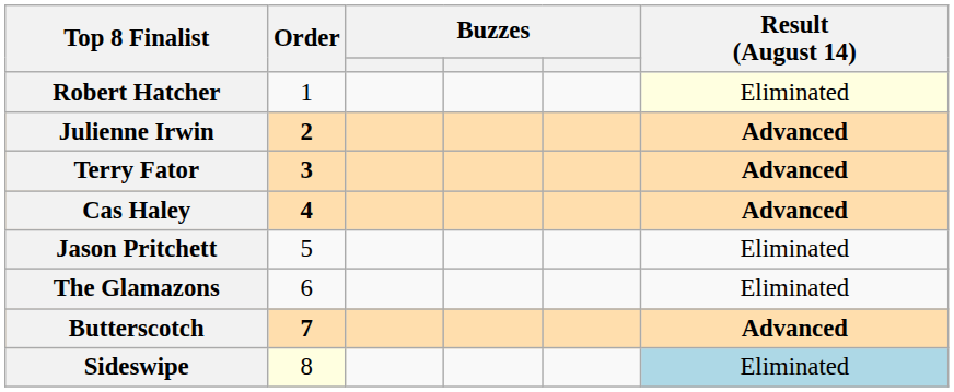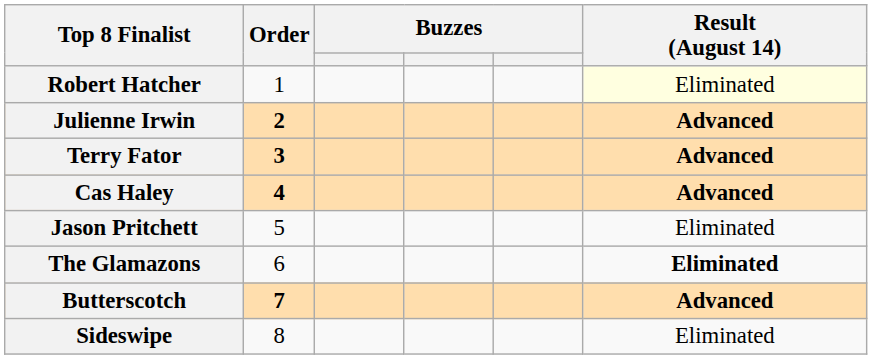 <table class="wikitable plainrowheaders sortable" style="text-align:center;">
 <tr>
 <th scope="col" rowspan="2" class="unsortable" style="width:17em;">Top 8 Finalist</th>
 <th scope="col" rowspan="2" style="width:1em;">Order</th>
 <th scope="col" colspan="3" class="unsortable" style="width:24em;">Buzzes</th>
 <th scope="col" rowspan="2" style="width:23em;">Result <br> (August 14)</th>
 </tr>
 <tr>
 <th scope="col" class="unsortable" style="width:6em;"></th>
 <th scope="col" class="unsortable" style="width:6em;"></th>
 <th scope="col" class="unsortable" style="width:6em;"></th>
 </tr>
 <tr>
 <th scope="row">Robert Hatcher</th>
 <td>1</td>
 <td style="text-align:center;"></td>
 <td style="text-align:center;"></td>
 <td style="text-align:center;"></td>
 <td style="background: lightyellow;">Eliminated</td>
 </tr>
 <tr bgcolor=NavajoWhite>
 <th scope="row"><strong>Julienne Irwin</strong></th>
 <td><strong>2</strong></td>
 <td style="text-align:center;"></td>
 <td style="text-align:center;"></td>
 <td style="text-align:center;"></td>
 <td><strong>Advanced</strong></td>
 </tr>
 <tr bgcolor=NavajoWhite>
 <th scope="row"><strong>Terry Fator</strong></th>
 <td><strong>3</strong></td>
 <td style="text-align:center;"></td>
 <td style="text-align:center;"></td>
 <td style="text-align:center;"></td>
 <td><strong>Advanced</strong></td>
 </tr>
 <tr bgcolor=NavajoWhite>
 <th scope="row"><strong>Cas Haley</strong></th>
 <td><strong>4</strong></td>
 <td style="text-align:center;"></td>
 <td style="text-align:center;"></td>
 <td style="text-align:center;"></td>
 <td><strong>Advanced</strong></td>
 </tr>
 <tr>
 <th scope="row">Jason Pritchett</th>
 <td>5</td>
 <td style="text-align:center;"></td>
 <td style="text-align:center;"></td>
 <td style="text-align:center;"></td>
 <td>Eliminated</td>
 </tr>
 <tr>
 <th scope="row">The Glamazons</th>
 <td>6</td>
 <td style="text-align:center;"></td>
 <td style="text-align:center;"></td>
 <td style="text-align:center;"></td>
-<td>Eliminated</td>
+<td><strong>Eliminated</strong></td>
 </tr>
 <tr bgcolor=NavajoWhite>
 <th scope="row"><strong>Butterscotch</strong></th>
 <td><strong>7</strong></td>
 <td style="text-align:center;"></td>
 <td style="text-align:center;"></td>
 <td style="text-align:center;"></td>
 <td><strong>Advanced</strong></td>
 </tr>
 <tr>
 <th scope="row">Sideswipe</th>
-<td style="background: lightyellow;">8</td>
+<td>8</td>
 <td style="text-align:center;"></td>
 <td style="text-align:center;"></td>
 <td style="text-align:center;"></td>
-<td style="background: lightblue;">Eliminated</td>
+<td>Eliminated</td>
 </tr>
 </table>
